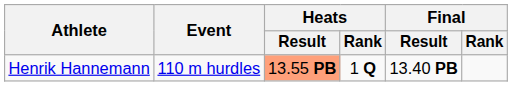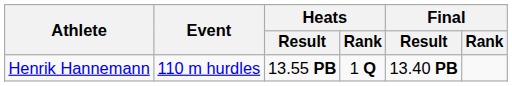 <table class="wikitable" style="font-size:90%">
 <tr>
 <th rowspan=2>Athlete</th>
 <th rowspan=2>Event</th>
 <th colspan=2>Heats</th>
 <th colspan=2>Final</th>
 </tr>
 <tr style="font-size:95%">
 <th>Result</th>
 <th>Rank</th>
 <th>Result</th>
 <th>Rank</th>
 </tr>
 <tr align=center>
 <td align=left><a href='#'>Henrik Hannemann</a></td>
 <td align=left><a href='#'>110 m hurdles</a></td>
-<td style="background: lightsalmon;">13.55 <strong>PB</strong></td>
+<td>13.55 <strong>PB</strong></td>
 <td>1 <strong>Q</strong></td>
 <td>13.40 <strong>PB</strong></td>
 <td></td>
 </tr>
 </table>
